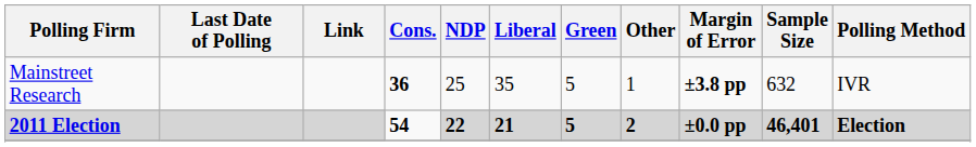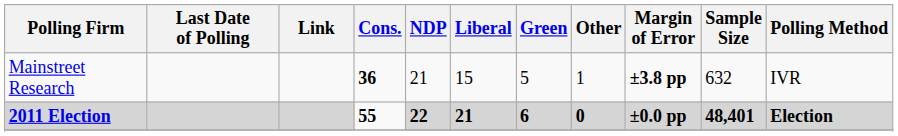 <table class="wikitable sortable">
 <tr style="background:#e9e9e9;">
 <th style="width:120px">Polling Firm</th>
 <th style="width:110px">Last Date<br>of Polling</th>
 <th style="width:60px" class="unsortable">Link</th>
 <th style="background-color:"><strong><a href='#'>Cons.</a></strong></th>
 <th style="background-color:"><strong><a href='#'>NDP</a></strong></th>
 <th style="background-color:"><strong><a href='#'>Liberal</a></strong></th>
 <th style="background-color:"><strong><a href='#'>Green</a></strong></th>
 <th style="background-color:"><strong>Other</strong></th>
 <th style="width:60px;" class=unsortable>Margin<br>of Error</th>
 <th style="width:50px;" class=unsortable>Sample<br>Size</th>
 <th class=unsortable>Polling Method</th>
 </tr>
 <tr>
 <td><a href='#'>Mainstreet Research</a></td>
 <td></td>
 <td> </td>
 <td><strong>36</strong></td>
-<td>25</td>
-<td>35</td>
+<td>21</td>
+<td>15</td>
 <td>5</td>
 <td>1</td>
 <td><strong>±3.8 pp</strong></td>
 <td>632</td>
 <td>IVR</td>
 </tr>
 <tr>
 <td style="background:#D5D5D5"><strong><a href='#'>2011 Election</a></strong></td>
 <td style="background:#D5D5D5"><strong></strong></td>
 <td style="background:#D5D5D5"></td>
-<td><strong>54</strong></td>
+<td><strong>55</strong></td>
 <td style="background:#D5D5D5"><strong>22</strong></td>
 <td style="background:#D5D5D5"><strong>21</strong></td>
-<td style="background:#D5D5D5"><strong>5</strong></td>
-<td style="background:#D5D5D5"><strong>2</strong></td>
+<td style="background:#D5D5D5"><strong>6</strong></td>
+<td style="background:#D5D5D5"><strong>0</strong></td>
 <td style="background:#D5D5D5"><strong>±0.0 pp</strong></td>
-<td style="background:#D5D5D5"><strong>46,401</strong></td>
+<td style="background:#D5D5D5"><strong>48,401</strong></td>
 <td style="background:#D5D5D5"><strong>Election</strong></td>
 </tr>
 <tr>
 </tr>
 <tr>
 </tr>
 </table>
